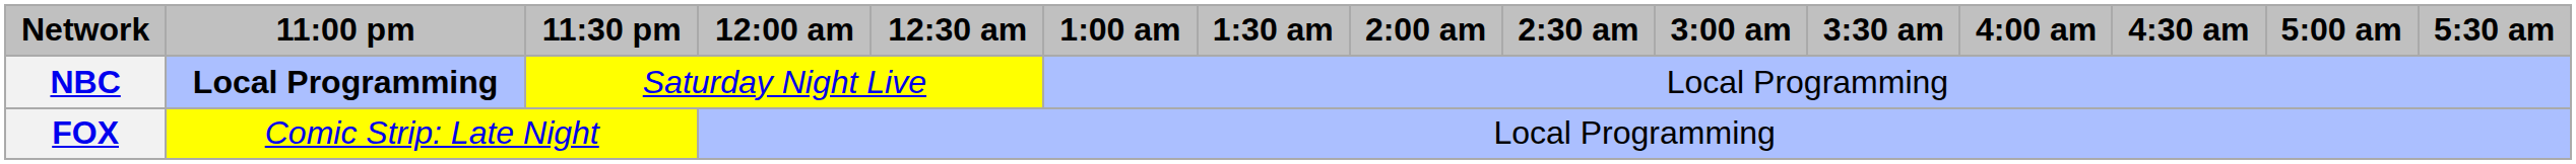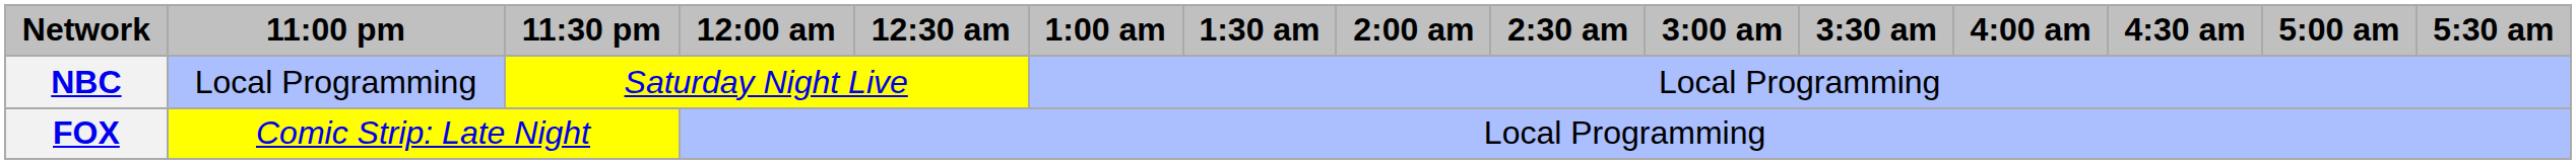 <table class="wikitable" style="width:100%;margin-right:0;text-align:center">
 <tr>
 <th style="background-color:#C0C0C0;text-align:center" colspan="2">Network</th>
 <th style="background-color:#C0C0C0;text-align:center">11:00 pm</th>
 <th style="background-color:#C0C0C0;text-align:center">11:30 pm</th>
 <th style="background-color:#C0C0C0;text-align:center">12:00 am</th>
 <th style="background-color:#C0C0C0;text-align:center">12:30 am</th>
 <th style="background-color:#C0C0C0;text-align:center">1:00 am</th>
 <th style="background-color:#C0C0C0;text-align:center">1:30 am</th>
 <th style="background-color:#C0C0C0;text-align:center">2:00 am</th>
 <th style="background-color:#C0C0C0;text-align:center">2:30 am</th>
 <th style="background-color:#C0C0C0;text-align:center">3:00 am</th>
 <th style="background-color:#C0C0C0;text-align:center">3:30 am</th>
 <th style="background-color:#C0C0C0;text-align:center">4:00 am</th>
 <th style="background-color:#C0C0C0;text-align:center">4:30 am</th>
 <th style="background-color:#C0C0C0;text-align:center">5:00 am</th>
 <th style="background-color:#C0C0C0;text-align:center">5:30 am</th>
 </tr>
 <tr>
 <th colspan="2"><a href='#'>NBC</a></th>
-<td style="background:#abbfff"><strong>Local Programming</strong></td>
+<td style="background:#abbfff">Local Programming</td>
 <td colspan="3" style="background:yellow"><em><a href='#'>Saturday Night Live</a></em></td>
 <td colspan="10" style="background:#abbfff">Local Programming</td>
 </tr>
 <tr>
 <th colspan="2"><a href='#'>FOX</a></th>
 <td colspan="2" style="background:yellow"><em><a href='#'>Comic Strip: Late Night</a></em></td>
 <td colspan="12" style="background:#abbfff">Local Programming</td>
 </tr>
 <tr>
 </tr>
 </table>
